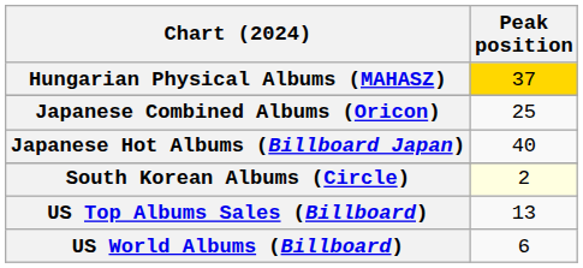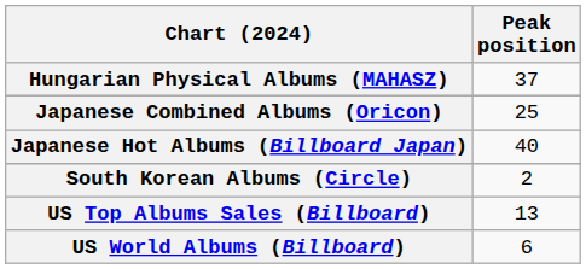 <table class="wikitable sortable plainrowheaders" style="text-align:center">
 <tr>
 <th scope="col">Chart (2024)</th>
 <th scope="col">Peak<br>position</th>
 </tr>
 <tr>
 <th scope="row">Hungarian Physical Albums (<a href='#'>MAHASZ</a>)</th>
-<td style="background: gold;">37</td>
+<td>37</td>
 </tr>
 <tr>
 </tr>
 <tr>
 <th scope="row">Japanese Combined Albums (<a href='#'>Oricon</a>)</th>
 <td>25</td>
 </tr>
 <tr>
 <th scope="row">Japanese Hot Albums (<em><a href='#'>Billboard Japan</a></em>)</th>
 <td>40</td>
 </tr>
 <tr>
 </tr>
 <tr>
 <th scope="row">South Korean Albums (<a href='#'>Circle</a>)</th>
-<td style="background: lightyellow;">2</td>
+<td>2</td>
 </tr>
 <tr>
 <th scope="row">US <a href='#'>Top Albums Sales</a> (<em><a href='#'>Billboard</a></em>)</th>
 <td>13</td>
 </tr>
 <tr>
 <th scope="row">US <a href='#'>World Albums</a> (<em><a href='#'>Billboard</a></em>)</th>
 <td>6</td>
 </tr>
 </table>
